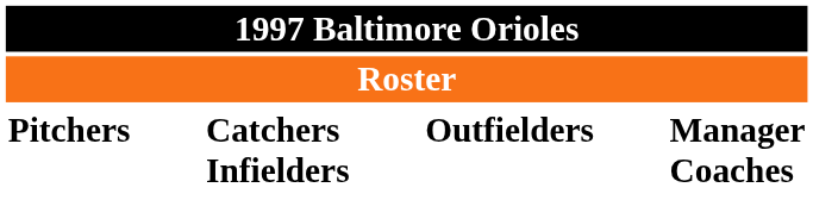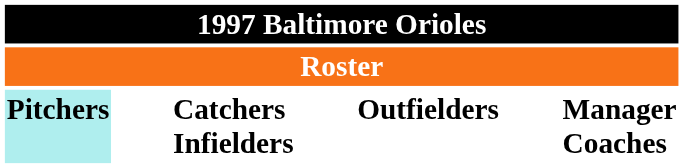 <table class="toccolours" style="font-size: 95%;">
 <tr>
 <th colspan="10" style="background-color: black; color: #FFFFFF; text-align: center;">1997 Baltimore Orioles</th>
 </tr>
 <tr>
 <td colspan="10" style="background-color: #F87217; color: white; text-align: center;"><strong>Roster</strong></td>
 </tr>
 <tr>
-<td valign="top"><strong>Pitchers</strong><br>                </td>
+<td valign="top" style="background: paleturquoise;"><strong>Pitchers</strong><br>                </td>
 <td width="25px"></td>
 <td valign="top"><strong>Catchers</strong><br>     <strong>Infielders</strong>      </td>
 <td width="25px"></td>
 <td valign="top"><strong>Outfielders</strong><br>          </td>
 <td width="25px"></td>
 <td valign="top"><strong>Manager</strong><br> <strong>Coaches</strong>      </td>
 </tr>
 </table>
